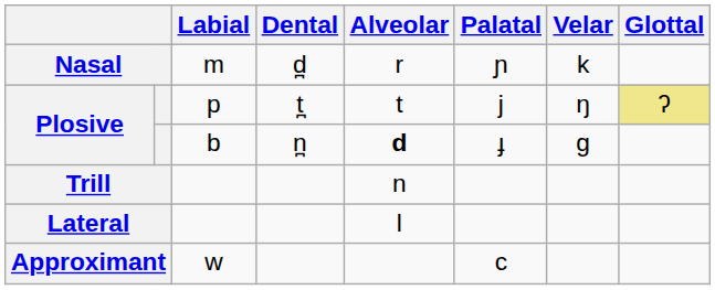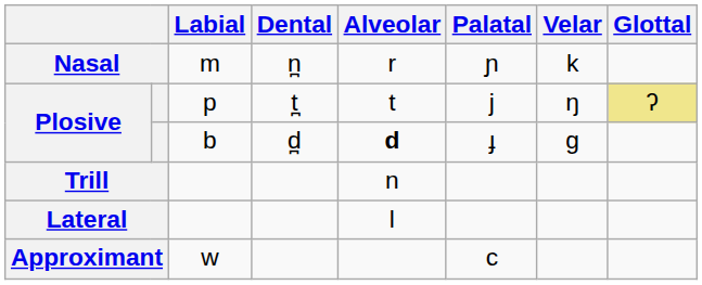 <table class="wikitable" style="text-align:center">
 <tr>
 <th colspan="2"></th>
 <th><a href='#'>Labial</a></th>
 <th><a href='#'>Dental</a></th>
 <th><a href='#'>Alveolar</a></th>
 <th><a href='#'>Palatal</a></th>
 <th><a href='#'>Velar</a></th>
 <th><a href='#'>Glottal</a></th>
 </tr>
 <tr>
 <th colspan="2"><a href='#'>Nasal</a></th>
 <td>m</td>
-<td>d̪</td>
+<td>n̪</td>
 <td>r</td>
 <td>ɲ</td>
 <td>k</td>
 <td></td>
 </tr>
 <tr>
 <th rowspan="2"><a href='#'>Plosive</a></th>
 <th></th>
 <td>p</td>
 <td>t̪</td>
 <td>t</td>
 <td>j</td>
 <td>ŋ</td>
 <td style="background: khaki;">ʔ</td>
 </tr>
 <tr>
 <th></th>
 <td>b</td>
-<td>n̪</td>
+<td>d̪</td>
 <td><strong>d</strong></td>
 <td>ɟ</td>
 <td>g</td>
 <td></td>
 </tr>
 <tr>
 <th colspan="2"><a href='#'>Trill</a></th>
 <td></td>
 <td></td>
 <td>n</td>
 <td></td>
 <td></td>
 <td></td>
 </tr>
 <tr>
 <th colspan="2"><a href='#'>Lateral</a></th>
 <td></td>
 <td></td>
 <td>l</td>
 <td></td>
 <td></td>
 <td></td>
 </tr>
 <tr>
 <th colspan="2"><a href='#'>Approximant</a></th>
 <td>w</td>
 <td></td>
 <td></td>
 <td>c</td>
 <td></td>
 <td></td>
 </tr>
 </table>
